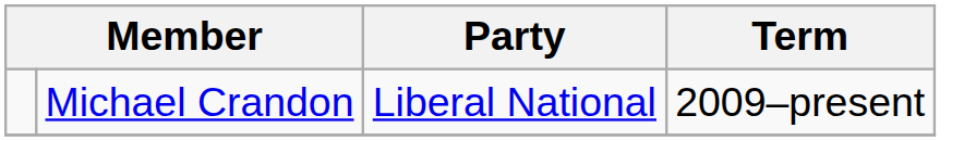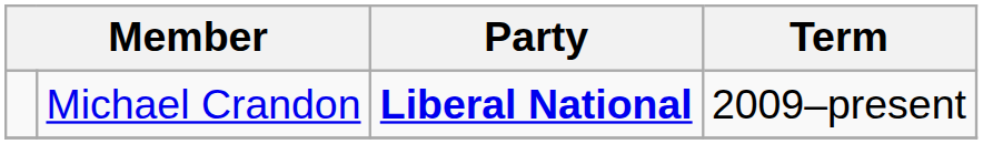 <table class="wikitable">
 <tr>
 <th colspan="2">Member</th>
 <th>Party</th>
 <th>Term</th>
 </tr>
 <tr>
 <td> </td>
 <td><a href='#'>Michael Crandon</a></td>
-<td><a href='#'>Liberal National</a></td>
+<td><strong><a href='#'>Liberal National</a></strong></td>
 <td>2009–present</td>
 </tr>
 <tr>
 </tr>
 </table>
